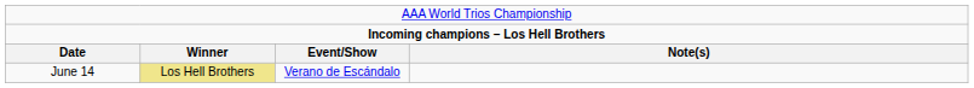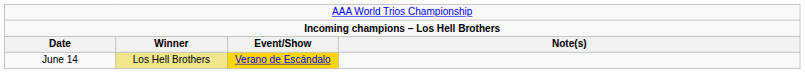 <table class="wikitable" style="text-align:center; width:100%;">
 <tr>
 <td colspan="5"><a href='#'>AAA World Trios Championship</a></td>
 </tr>
 <tr>
 <td colspan="5"><strong>Incoming champions – Los Hell Brothers </strong></td>
 </tr>
 <tr>
 <th width="14%">Date</th>
 <th width="14%">Winner</th>
 <th width="14%">Event/Show</th>
 <th width="58%">Note(s)</th>
 </tr>
 <tr>
 <td>June 14</td>
 <td style="background: khaki;">Los Hell Brothers<br></td>
-<td><a href='#'>Verano de Escándalo</a></td>
+<td style="background: gold;"><a href='#'>Verano de Escándalo</a></td>
 <td align="left"></td>
 </tr>
 </table>
